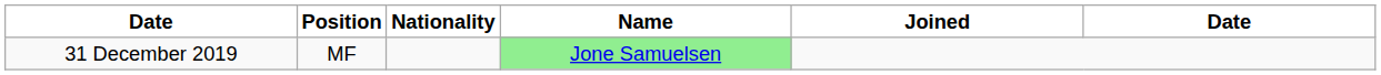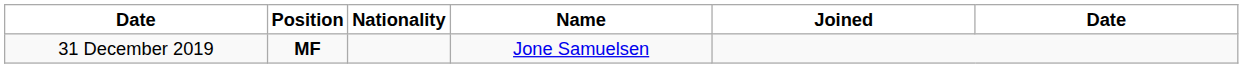 <table class="wikitable"  style="text-align:center; font-size:90%; ">
 <tr>
 <th style="background:#FFFFFF; color:black; width:200px;">Date</th>
 <th style="background:#FFFFFF; color:black; width:50px;">Position</th>
 <th style="background:#FFFFFF; color:black; width:50px;">Nationality</th>
 <th style="background:#FFFFFF; color:black; width:200px;">Name</th>
 <th style="background:#FFFFFF; color:black; width:200px;">Joined</th>
 <th style="background:#FFFFFF; color:black; width:200px;">Date</th>
 </tr>
 <tr>
 <td>31 December 2019</td>
-<td>MF</td>
+<td><strong>MF</strong></td>
 <td></td>
-<td style="background: lightgreen;"><a href='#'>Jone Samuelsen</a></td>
+<td><a href='#'>Jone Samuelsen</a></td>
 <td colspan="2"></td>
 </tr>
 </table>
